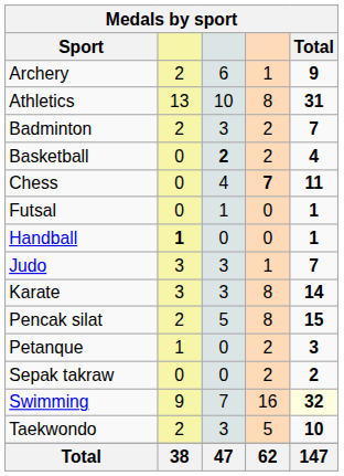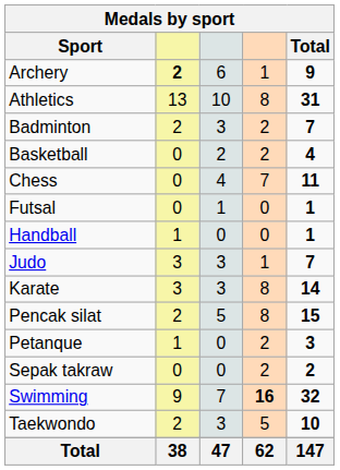 <table class="wikitable" style="font-size:90%; text-align:center;">
 <tr>
 <th colspan="5">Medals by sport</th>
 </tr>
 <tr>
 <th width="120"><strong>Sport</strong></th>
 <th width="30" style="background:#F7F6A8;"></th>
 <th width="30" style="background:#DCE5E5;"></th>
 <th width="30" style="background:#FFDAB9;"></th>
 <th width="30"><strong>Total</strong></th>
 </tr>
 <tr>
 <td align="left">Archery</td>
-<td style="background:#F7F6A8;">2</td>
+<td style="background:#F7F6A8;"><strong>2</strong></td>
 <td style="background:#DCE5E5;">6</td>
 <td style="background:#FFDAB9;">1</td>
 <td><strong>9</strong></td>
 </tr>
 <tr>
 <td align=left>Athletics</td>
 <td style="background:#F7F6A8;">13</td>
 <td style="background:#DCE5E5;">10</td>
 <td style="background:#FFDAB9;">8</td>
 <td><strong>31</strong></td>
 </tr>
 <tr>
 <td align=left>Badminton</td>
 <td style="background:#F7F6A8;">2</td>
 <td style="background:#DCE5E5;">3</td>
 <td style="background:#FFDAB9;">2</td>
 <td><strong>7</strong></td>
 </tr>
 <tr>
 <td align=left>Basketball</td>
 <td style="background:#F7F6A8;">0</td>
-<td style="background:#DCE5E5;"><strong>2</strong></td>
+<td style="background:#DCE5E5;">2</td>
 <td style="background:#FFDAB9;">2</td>
 <td><strong>4</strong></td>
 </tr>
 <tr>
 <td align=left>Chess</td>
 <td style="background:#F7F6A8;">0</td>
 <td style="background:#DCE5E5;">4</td>
-<td style="background:#FFDAB9;"><strong>7</strong></td>
+<td style="background:#FFDAB9;">7</td>
 <td><strong>11</strong></td>
 </tr>
 <tr>
 <td align=left>Futsal</td>
 <td style="background:#F7F6A8;">0</td>
 <td style="background:#DCE5E5;">1</td>
 <td style="background:#FFDAB9;">0</td>
 <td><strong>1</strong></td>
 </tr>
 <tr>
 <td align=left><a href='#'>Handball</a></td>
-<td style="background:#F7F6A8;"><strong>1</strong></td>
+<td style="background:#F7F6A8;">1</td>
 <td style="background:#DCE5E5;">0</td>
 <td style="background:#FFDAB9;">0</td>
 <td><strong>1</strong></td>
 </tr>
 <tr>
 <td align=left><a href='#'>Judo</a></td>
 <td style="background:#F7F6A8;">3</td>
 <td style="background:#DCE5E5;">3</td>
 <td style="background:#FFDAB9;">1</td>
 <td><strong>7</strong></td>
 </tr>
 <tr>
 <td align="left">Karate</td>
 <td style="background:#F7F6A8;">3</td>
 <td style="background:#DCE5E5;">3</td>
 <td style="background:#FFDAB9;">8</td>
 <td><strong>14</strong></td>
 </tr>
 <tr>
 <td align="left">Pencak silat</td>
 <td style="background:#F7F6A8;">2</td>
 <td style="background:#DCE5E5;">5</td>
 <td style="background:#FFDAB9;">8</td>
 <td><strong>15</strong></td>
 </tr>
 <tr>
 <td align=left>Petanque</td>
 <td style="background:#F7F6A8;">1</td>
 <td style="background:#DCE5E5;">0</td>
 <td style="background:#FFDAB9;">2</td>
 <td><strong>3</strong></td>
 </tr>
 <tr>
 <td align=left>Sepak takraw</td>
 <td style="background:#F7F6A8;">0</td>
 <td style="background:#DCE5E5;">0</td>
 <td style="background:#FFDAB9;">2</td>
 <td><strong>2</strong></td>
 </tr>
 <tr>
 <td align=left><a href='#'>Swimming</a></td>
 <td style="background:#F7F6A8;">9</td>
 <td style="background:#DCE5E5;">7</td>
-<td style="background:#FFDAB9;">16</td>
-<td style="background: lightyellow;"><strong>32</strong></td>
+<td style="background:#FFDAB9;"><strong>16</strong></td>
+<td><strong>32</strong></td>
 </tr>
 <tr>
 <td align=left>Taekwondo</td>
 <td style="background:#F7F6A8;">2</td>
 <td style="background:#DCE5E5;">3</td>
 <td style="background:#FFDAB9;">5</td>
 <td><strong>10</strong></td>
 </tr>
 <tr>
 </tr>
 <tr class="sortbottom">
 <th>Total</th>
 <th>38</th>
 <th>47</th>
 <th>62</th>
 <th>147</th>
 </tr>
 </table>
